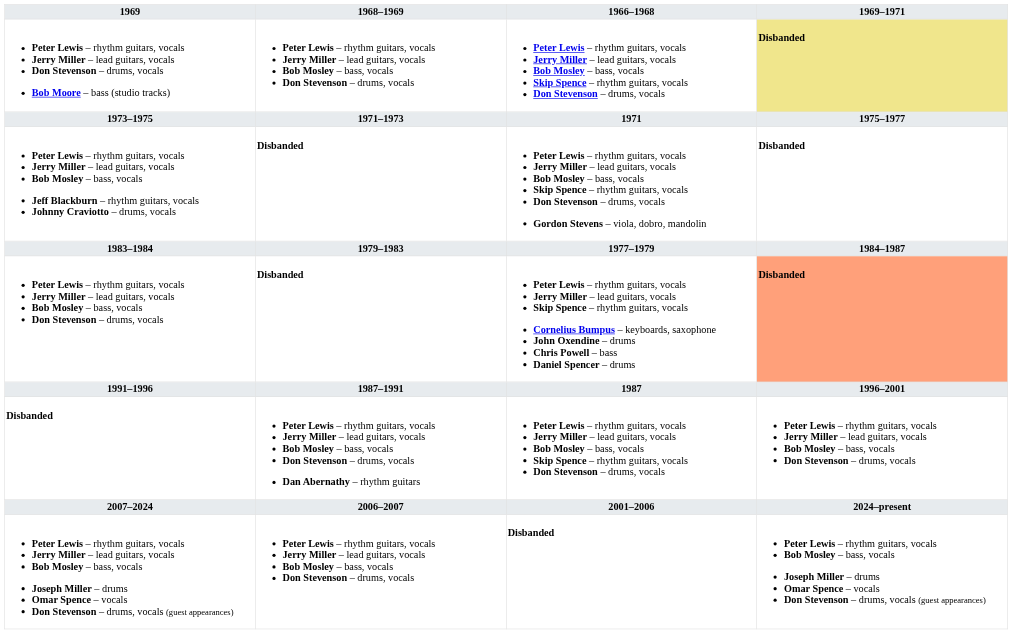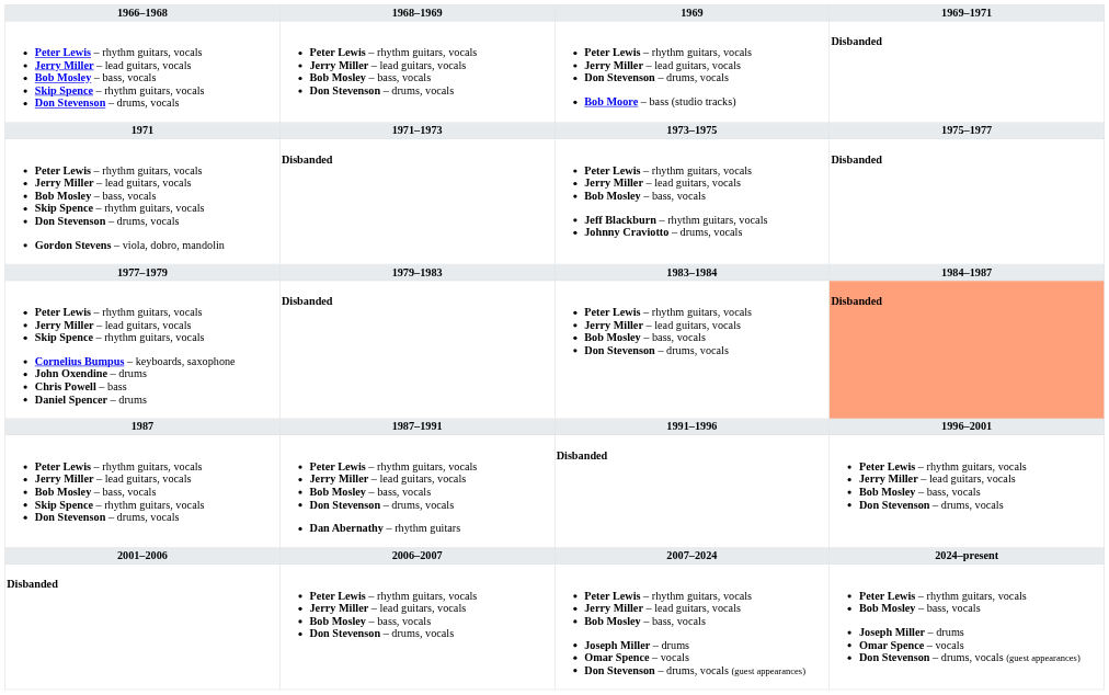 <table class="toccolours" border=1 cellpadding=2 cellspacing=0 style="float: width: 375px; margin: 0 0 1em 1em; border-collapse: collapse; border: 1px solid #E2E2E2;" width=99%>
 <tr>
+<th bgcolor="#E7EBEE" valign=top width=25%>1966–1968</th>
+<th bgcolor="#E7EBEE" valign=top width=25%>1968–1969</th>
 <th bgcolor="#E7EBEE" valign=top width=25%>1969</th>
-<th bgcolor="#E7EBEE" valign=top width=25%>1968–1969</th>
-<th bgcolor="#E7EBEE" valign=top width=25%>1966–1968</th>
 <th bgcolor="#E7EBEE" valign=top width=25%>1969–1971</th>
 </tr>
 <tr>
+<td valign=top><br><ul><li><strong><a href='#'>Peter Lewis</a></strong> – rhythm guitars, vocals</li><li><strong><a href='#'>Jerry Miller</a></strong> – lead guitars, vocals</li><li><strong><a href='#'>Bob Mosley</a></strong> – bass, vocals</li><li><strong><a href='#'>Skip Spence</a></strong> – rhythm guitars, vocals</li><li><strong><a href='#'>Don Stevenson</a></strong> – drums, vocals</li></ul></td>
+<td valign=top><br><ul><li><strong>Peter Lewis</strong> – rhythm guitars, vocals</li><li><strong>Jerry Miller</strong> – lead guitars, vocals</li><li><strong>Bob Mosley</strong> – bass, vocals</li><li><strong>Don Stevenson</strong> – drums, vocals</li></ul></td>
 <td valign=top><br><ul><li><strong>Peter Lewis</strong> – rhythm guitars, vocals</li><li><strong>Jerry Miller</strong> – lead guitars, vocals</li><li><strong>Don Stevenson</strong> – drums, vocals</li></ul><ul><li><strong><a href='#'>Bob Moore</a></strong> – bass (studio tracks)</li></ul></td>
-<td valign=top><br><ul><li><strong>Peter Lewis</strong> – rhythm guitars, vocals</li><li><strong>Jerry Miller</strong> – lead guitars, vocals</li><li><strong>Bob Mosley</strong> – bass, vocals</li><li><strong>Don Stevenson</strong> – drums, vocals</li></ul></td>
-<td valign=top><br><ul><li><strong><a href='#'>Peter Lewis</a></strong> – rhythm guitars, vocals</li><li><strong><a href='#'>Jerry Miller</a></strong> – lead guitars, vocals</li><li><strong><a href='#'>Bob Mosley</a></strong> – bass, vocals</li><li><strong><a href='#'>Skip Spence</a></strong> – rhythm guitars, vocals</li><li><strong><a href='#'>Don Stevenson</a></strong> – drums, vocals</li></ul></td>
-<td valign=top style="background: khaki;"><br><strong>Disbanded</strong></td>
+<td valign=top><br><strong>Disbanded</strong></td>
 </tr>
 <tr>
+<th bgcolor="#E7EBEE" valign=top width=25%>1971</th>
+<th bgcolor="#E7EBEE" valign=top width=25%>1971–1973</th>
 <th bgcolor="#E7EBEE" valign=top width=25%>1973–1975</th>
-<th bgcolor="#E7EBEE" valign=top width=25%>1971–1973</th>
-<th bgcolor="#E7EBEE" valign=top width=25%>1971</th>
 <th bgcolor="#E7EBEE" valign=top width=25%>1975–1977</th>
 </tr>
 <tr>
+<td valign=top><br><ul><li><strong>Peter Lewis</strong> – rhythm guitars, vocals</li><li><strong>Jerry Miller</strong> – lead guitars, vocals</li><li><strong>Bob Mosley</strong> – bass, vocals</li><li><strong>Skip Spence</strong> – rhythm guitars, vocals</li><li><strong>Don Stevenson</strong> – drums, vocals</li></ul><ul><li><strong>Gordon Stevens</strong> – viola, dobro, mandolin</li></ul></td>
+<td valign=top><br><strong>Disbanded</strong></td>
 <td valign=top><br><ul><li><strong>Peter Lewis</strong> – rhythm guitars, vocals</li><li><strong>Jerry Miller</strong> – lead guitars, vocals</li><li><strong>Bob Mosley</strong> – bass, vocals</li></ul><ul><li><strong>Jeff Blackburn</strong> – rhythm guitars, vocals</li><li><strong>Johnny Craviotto</strong> – drums, vocals</li></ul></td>
-<td valign=top><br><strong>Disbanded</strong></td>
-<td valign=top><br><ul><li><strong>Peter Lewis</strong> – rhythm guitars, vocals</li><li><strong>Jerry Miller</strong> – lead guitars, vocals</li><li><strong>Bob Mosley</strong> – bass, vocals</li><li><strong>Skip Spence</strong> – rhythm guitars, vocals</li><li><strong>Don Stevenson</strong> – drums, vocals</li></ul><ul><li><strong>Gordon Stevens</strong> – viola, dobro, mandolin</li></ul></td>
 <td valign=top><br><strong>Disbanded</strong></td>
 </tr>
 <tr>
+<th bgcolor="#E7EBEE" valign=top width=25%>1977–1979</th>
+<th bgcolor="#E7EBEE" valign=top width=25%>1979–1983</th>
 <th bgcolor="#E7EBEE" valign=top width=25%>1983–1984</th>
-<th bgcolor="#E7EBEE" valign=top width=25%>1979–1983</th>
-<th bgcolor="#E7EBEE" valign=top width=25%>1977–1979</th>
 <th bgcolor="#E7EBEE" valign=top width=25%>1984–1987</th>
 </tr>
 <tr>
+<td valign=top><br><ul><li><strong>Peter Lewis</strong> – rhythm guitars, vocals</li><li><strong>Jerry Miller</strong> – lead guitars, vocals</li><li><strong>Skip Spence</strong> – rhythm guitars, vocals</li></ul><ul><li><strong><a href='#'>Cornelius Bumpus</a></strong> – keyboards, saxophone</li><li><strong>John Oxendine</strong> – drums</li><li><strong>Chris Powell</strong> – bass</li><li><strong>Daniel Spencer</strong> – drums</li></ul></td>
+<td valign=top><br><strong>Disbanded</strong></td>
 <td valign=top><br><ul><li><strong>Peter Lewis</strong> – rhythm guitars, vocals</li><li><strong>Jerry Miller</strong> – lead guitars, vocals</li><li><strong>Bob Mosley</strong> – bass, vocals</li><li><strong>Don Stevenson</strong> – drums, vocals</li></ul></td>
-<td valign=top><br><strong>Disbanded</strong></td>
-<td valign=top><br><ul><li><strong>Peter Lewis</strong> – rhythm guitars, vocals</li><li><strong>Jerry Miller</strong> – lead guitars, vocals</li><li><strong>Skip Spence</strong> – rhythm guitars, vocals</li></ul><ul><li><strong><a href='#'>Cornelius Bumpus</a></strong> – keyboards, saxophone</li><li><strong>John Oxendine</strong> – drums</li><li><strong>Chris Powell</strong> – bass</li><li><strong>Daniel Spencer</strong> – drums</li></ul></td>
 <td valign=top style="background: lightsalmon;"><br><strong>Disbanded</strong></td>
 </tr>
 <tr>
+<th bgcolor="#E7EBEE" valign=top width=25%>1987</th>
+<th bgcolor="#E7EBEE" valign=top width=25%>1987–1991</th>
 <th bgcolor="#E7EBEE" valign=top width=25%>1991–1996</th>
-<th bgcolor="#E7EBEE" valign=top width=25%>1987–1991</th>
-<th bgcolor="#E7EBEE" valign=top width=25%>1987</th>
 <th bgcolor="#E7EBEE" valign=top width=25%>1996–2001</th>
 </tr>
 <tr>
+<td valign=top><br><ul><li><strong>Peter Lewis</strong> – rhythm guitars, vocals</li><li><strong>Jerry Miller</strong> – lead guitars, vocals</li><li><strong>Bob Mosley</strong> – bass, vocals</li><li><strong>Skip Spence</strong> – rhythm guitars, vocals</li><li><strong>Don Stevenson</strong> – drums, vocals</li></ul></td>
+<td valign=top><br><ul><li><strong>Peter Lewis</strong> – rhythm guitars, vocals</li><li><strong>Jerry Miller</strong> – lead guitars, vocals</li><li><strong>Bob Mosley</strong> – bass, vocals</li><li><strong>Don Stevenson</strong> – drums, vocals</li></ul><ul><li><strong>Dan Abernathy</strong> – rhythm guitars</li></ul></td>
 <td valign=top><br><strong>Disbanded</strong></td>
-<td valign=top><br><ul><li><strong>Peter Lewis</strong> – rhythm guitars, vocals</li><li><strong>Jerry Miller</strong> – lead guitars, vocals</li><li><strong>Bob Mosley</strong> – bass, vocals</li><li><strong>Don Stevenson</strong> – drums, vocals</li></ul><ul><li><strong>Dan Abernathy</strong> – rhythm guitars</li></ul></td>
-<td valign=top><br><ul><li><strong>Peter Lewis</strong> – rhythm guitars, vocals</li><li><strong>Jerry Miller</strong> – lead guitars, vocals</li><li><strong>Bob Mosley</strong> – bass, vocals</li><li><strong>Skip Spence</strong> – rhythm guitars, vocals</li><li><strong>Don Stevenson</strong> – drums, vocals</li></ul></td>
 <td valign=top><br><ul><li><strong>Peter Lewis</strong> – rhythm guitars, vocals</li><li><strong>Jerry Miller</strong> – lead guitars, vocals</li><li><strong>Bob Mosley</strong> – bass, vocals</li><li><strong>Don Stevenson</strong> – drums, vocals</li></ul></td>
 </tr>
 <tr>
+<th bgcolor="#E7EBEE" valign=top width=25%>2001–2006</th>
+<th bgcolor="#E7EBEE" valign=top width=25%>2006–2007</th>
 <th bgcolor="#E7EBEE" valign=top width=25%>2007–2024</th>
-<th bgcolor="#E7EBEE" valign=top width=25%>2006–2007</th>
-<th bgcolor="#E7EBEE" valign=top width=25%>2001–2006</th>
 <th bgcolor="#E7EBEE" valign=top width=25%>2024–present</th>
 </tr>
 <tr>
+<td valign=top><br><strong>Disbanded</strong></td>
+<td valign=top><br><ul><li><strong>Peter Lewis</strong> – rhythm guitars, vocals</li><li><strong>Jerry Miller</strong> – lead guitars, vocals</li><li><strong>Bob Mosley</strong> – bass, vocals</li><li><strong>Don Stevenson</strong> – drums, vocals</li></ul></td>
 <td valign=top><br><ul><li><strong>Peter Lewis</strong> – rhythm guitars, vocals</li><li><strong>Jerry Miller</strong> – lead guitars, vocals</li><li><strong>Bob Mosley</strong> – bass, vocals</li></ul><ul><li><strong>Joseph Miller</strong> – drums</li><li><strong>Omar Spence</strong> – vocals</li><li><strong>Don Stevenson</strong> – drums, vocals <small>(guest appearances)</small></li></ul></td>
-<td valign=top><br><ul><li><strong>Peter Lewis</strong> – rhythm guitars, vocals</li><li><strong>Jerry Miller</strong> – lead guitars, vocals</li><li><strong>Bob Mosley</strong> – bass, vocals</li><li><strong>Don Stevenson</strong> – drums, vocals</li></ul></td>
-<td valign=top><br><strong>Disbanded</strong></td>
 <td valign=top><br><ul><li><strong>Peter Lewis</strong> – rhythm guitars, vocals</li><li><strong>Bob Mosley</strong> – bass, vocals</li></ul><ul><li><strong>Joseph Miller</strong> – drums</li><li><strong>Omar Spence</strong> – vocals</li><li><strong>Don Stevenson</strong> – drums, vocals <small>(guest appearances)</small></li></ul></td>
 </tr>
 </table>
